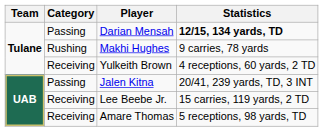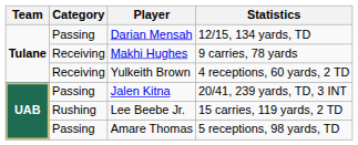 <table class="wikitable" style="float: right;">
 <tr>
 <th>Team</th>
 <th>Category</th>
 <th>Player</th>
 <th>Statistics</th>
 </tr>
 <tr>
 <td rowspan=3><strong>Tulane</strong></td>
 <td>Passing</td>
 <td><a href='#'>Darian Mensah</a></td>
-<td><strong>12/15, 134 yards, TD</strong></td>
+<td>12/15, 134 yards, TD</td>
 </tr>
 <tr>
-<td>Rushing</td>
+<td>Receiving</td>
 <td><a href='#'>Makhi Hughes</a></td>
 <td>9 carries, 78 yards</td>
 </tr>
 <tr>
 <td>Receiving</td>
 <td>Yulkeith Brown</td>
 <td>4 receptions, 60 yards, 2 TD</td>
 </tr>
 <tr>
 <td rowspan=3 style="background-color:#1E6B52;color:#FFFFFF;box-shadow: inset 2px 2px 0 #CDC26C, inset -2px -2px 0 #CDC26C; text-align:center;"><strong>UAB</strong></td>
 <td>Passing</td>
 <td><a href='#'>Jalen Kitna</a></td>
 <td>20/41, 239 yards, TD, 3 INT</td>
 </tr>
 <tr>
-<td>Receiving</td>
+<td>Rushing</td>
 <td>Lee Beebe Jr.</td>
 <td>15 carries, 119 yards, 2 TD</td>
 </tr>
 <tr>
-<td>Receiving</td>
+<td>Passing</td>
 <td>Amare Thomas</td>
 <td>5 receptions, 98 yards, TD</td>
 </tr>
 </table>
